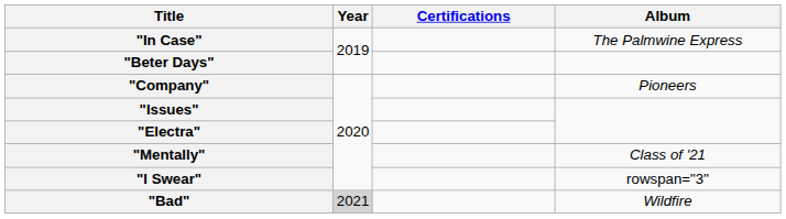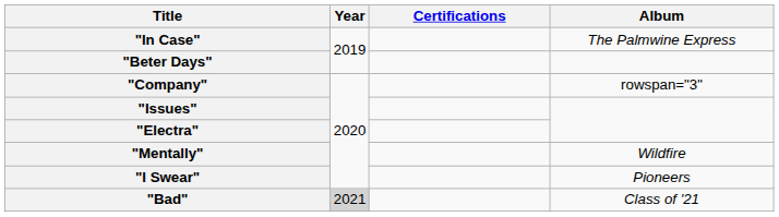 <table class="wikitable plainrowheaders" style="text-align:center;">
 <tr>
 <th scope="col" style="width:22em;">Title</th>
 <th scope="col" style="width:1em;">Year</th>
 <th scope="col" style="width:12em;"><a href='#'>Certifications</a></th>
 <th scope="col" style="width:15em;">Album</th>
 </tr>
 <tr>
 <th scope="row">"In Case"<br></th>
 <td rowspan="2">2019</td>
 <td></td>
 <td><em>The Palmwine Express</em></td>
 </tr>
 <tr>
 <th scope="row">"Beter Days"<br></th>
 <td></td>
 <td></td>
 </tr>
 <tr>
 <th scope="row">"Company"<br></th>
 <td rowspan="5">2020</td>
 <td></td>
-<td><em>Pioneers</em></td>
+<td>rowspan="3" </td>
 </tr>
 <tr>
 <th scope="row">"Issues"<br></th>
 <td></td>
 </tr>
 <tr>
 <th scope="row">"Electra"<br></th>
 <td></td>
 </tr>
 <tr>
 <th scope="row">"Mentally"<br></th>
 <td></td>
-<td><em>Class of '21</em></td>
+<td><em>Wildfire</em></td>
 </tr>
 <tr>
 <th scope="row">"I Swear"<br></th>
 <td></td>
-<td>rowspan="3" </td>
+<td><em>Pioneers</em></td>
 </tr>
 <tr>
 <th scope="row">"Bad"<br></th>
 <td style="background: lightgrey;">2021</td>
 <td></td>
-<td><em>Wildfire</em></td>
+<td><em>Class of '21</em></td>
 </tr>
 </table>
